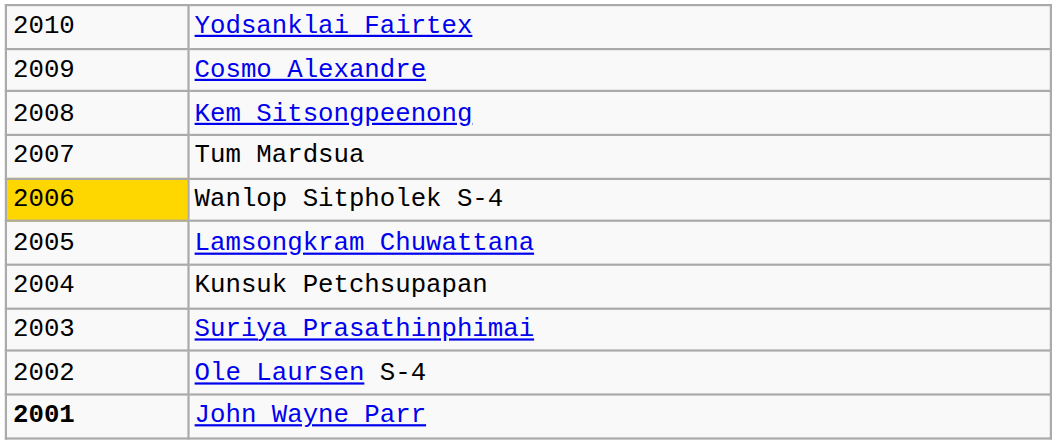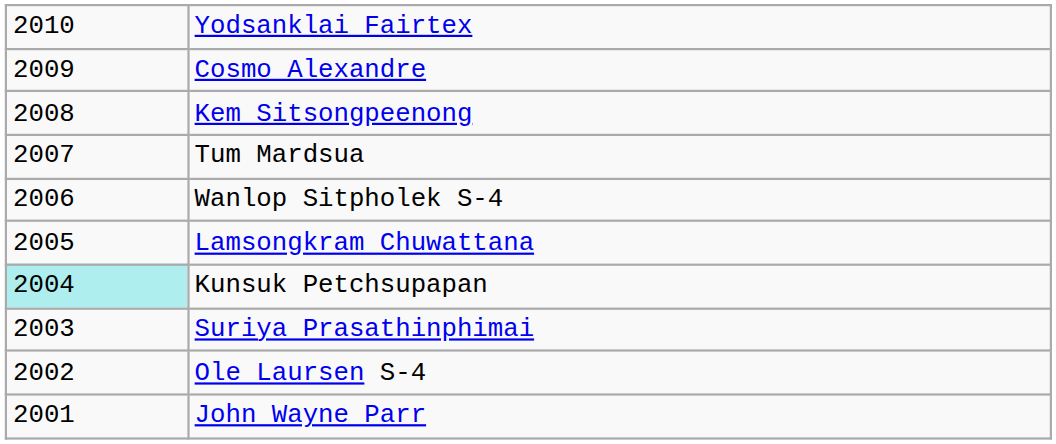 <table class="wikitable"  style="margin:auto; width:30%; font-size:90%;">
 <tr>
 <td>2010</td>
 <td> <a href='#'>Yodsanklai Fairtex</a></td>
 </tr>
 <tr>
 <td>2009</td>
 <td> <a href='#'>Cosmo Alexandre</a></td>
 </tr>
 <tr>
 <td>2008</td>
 <td> <a href='#'>Kem Sitsongpeenong</a></td>
 </tr>
 <tr>
 <td>2007</td>
 <td> Tum Mardsua</td>
 </tr>
 <tr>
-<td style="background: gold;">2006</td>
+<td>2006</td>
 <td> Wanlop Sitpholek S-4</td>
 </tr>
 <tr>
 <td>2005</td>
 <td> <a href='#'>Lamsongkram Chuwattana</a></td>
 </tr>
 <tr>
-<td>2004</td>
+<td style="background: paleturquoise;">2004</td>
 <td> Kunsuk Petchsupapan</td>
 </tr>
 <tr>
 <td>2003</td>
 <td> <a href='#'>Suriya Prasathinphimai</a></td>
 </tr>
 <tr>
 <td>2002</td>
 <td> <a href='#'>Ole Laursen</a> S-4</td>
 </tr>
 <tr>
-<td><strong>2001</strong></td>
+<td>2001</td>
 <td> <a href='#'>John Wayne Parr</a></td>
 </tr>
 </table>
